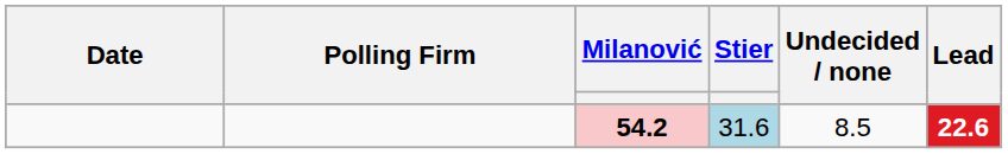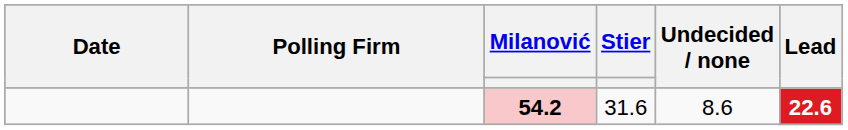 <table class="wikitable" style="text-align:center; font-size:80%">
 <tr style="height:42px;">
 <th style="width:100px;" rowspan="2">Date</th>
 <th style="width:165px;" rowspan="2">Polling Firm</th>
 <th><a href='#'>Milanović</a></th>
 <th><a href='#'>Stier</a></th>
 <th style="width:40px;" rowspan="2">Undecided / none</th>
 <th style="width:20px;" rowspan="2">Lead</th>
 </tr>
 <tr>
 <th style="background:"></th>
 <th style="background:"></th>
 </tr>
 <tr>
 <td></td>
 <td></td>
 <td style="background:#F9C8CA"><strong>54.2</strong></td>
-<td style="background: lightblue;">31.6</td>
-<td>8.5</td>
+<td>31.6</td>
+<td>8.6</td>
 <td style="background:#DF1A22; color:white;"><strong>22.6</strong></td>
 </tr>
 </table>
